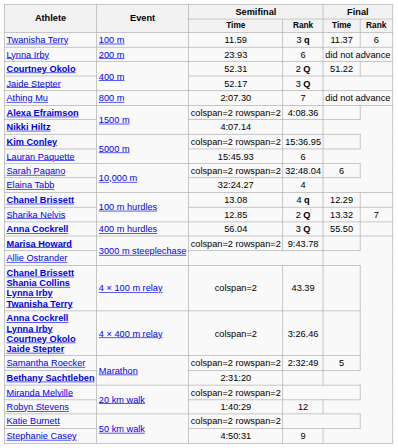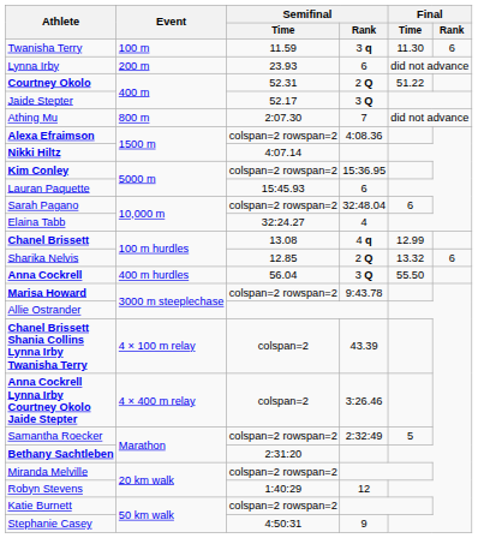 <table class=wikitable style=font-size:90%;text-align:center>
 <tr>
 <th rowspan=2>Athlete</th>
 <th rowspan=2>Event</th>
 <th colspan=2>Semifinal</th>
 <th colspan=2>Final</th>
 </tr>
 <tr style=font-size:90%>
 <th>Time</th>
 <th>Rank</th>
 <th>Time</th>
 <th>Rank</th>
 </tr>
 <tr>
 <td align=left><a href='#'>Twanisha Terry</a></td>
 <td align=left><a href='#'>100 m</a></td>
 <td>11.59</td>
 <td>3 <strong>q</strong></td>
-<td>11.37</td>
+<td>11.30</td>
 <td>6</td>
 </tr>
 <tr>
 <td align=left><a href='#'>Lynna Irby</a></td>
 <td align=left><a href='#'>200 m</a></td>
 <td>23.93</td>
 <td>6</td>
 <td colspan=2>did not advance</td>
 </tr>
 <tr>
 <td align=left><strong><a href='#'>Courtney Okolo</a></strong></td>
 <td align=left rowspan=2><a href='#'>400 m</a></td>
 <td>52.31</td>
 <td>2 <strong>Q</strong></td>
 <td>51.22</td>
 <td></td>
 </tr>
 <tr>
 <td align=left><a href='#'>Jaide Stepter</a></td>
 <td>52.17</td>
 <td>3 <strong>Q</strong></td>
 <td colspan=2></td>
 </tr>
 <tr>
 <td align=left><a href='#'>Athing Mu</a></td>
 <td align=left><a href='#'>800 m</a></td>
 <td>2:07.30</td>
 <td>7</td>
 <td colspan=2>did not advance</td>
 </tr>
 <tr>
 <td align=left><strong><a href='#'>Alexa Efraimson</a></strong></td>
 <td align=left rowspan=2><a href='#'>1500 m</a></td>
 <td>colspan=2 rowspan=2 </td>
 <td>4:08.36</td>
 <td></td>
 </tr>
 <tr>
 <td align=left><strong><a href='#'>Nikki Hiltz</a></strong></td>
 <td>4:07.14</td>
 <td></td>
 </tr>
 <tr>
 <td align=left><strong><a href='#'>Kim Conley</a></strong></td>
 <td align=left rowspan=2><a href='#'>5000 m</a></td>
 <td>colspan=2 rowspan=2 </td>
 <td>15:36.95</td>
 <td></td>
 </tr>
 <tr>
 <td align=left><a href='#'>Lauran Paquette</a></td>
 <td>15:45.93</td>
 <td>6</td>
 </tr>
 <tr>
 <td align=left><a href='#'>Sarah Pagano</a></td>
 <td align=left rowspan=2><a href='#'>10,000 m</a></td>
 <td>colspan=2 rowspan=2 </td>
 <td>32:48.04</td>
 <td>6</td>
 </tr>
 <tr>
 <td align=left><a href='#'>Elaina Tabb</a></td>
 <td>32:24.27</td>
 <td>4</td>
 </tr>
 <tr>
 <td align=left><strong><a href='#'>Chanel Brissett</a></strong></td>
 <td align=left rowspan=2><a href='#'>100 m hurdles</a></td>
 <td>13.08</td>
 <td>4 <strong>q</strong></td>
-<td>12.29</td>
+<td>12.99</td>
 <td></td>
 </tr>
 <tr>
 <td align=left><a href='#'>Sharika Nelvis</a></td>
 <td>12.85</td>
 <td>2 <strong>Q</strong></td>
 <td>13.32</td>
-<td>7</td>
+<td>6</td>
 </tr>
 <tr>
 <td align=left><strong><a href='#'>Anna Cockrell</a></strong></td>
 <td align=left><a href='#'>400 m hurdles</a></td>
 <td>56.04</td>
 <td>3 <strong>Q</strong></td>
 <td>55.50</td>
 <td></td>
 </tr>
 <tr>
 <td align=left><strong><a href='#'>Marisa Howard</a></strong></td>
 <td align=left rowspan=2><a href='#'>3000 m steeplechase</a></td>
 <td>colspan=2 rowspan=2 </td>
 <td>9:43.78</td>
 <td></td>
 </tr>
 <tr>
 <td align=left><a href='#'>Allie Ostrander</a></td>
 <td colspan=2></td>
 </tr>
 <tr>
 <td align=left><strong><a href='#'>Chanel Brissett</a><br><a href='#'>Shania Collins</a><br><a href='#'>Lynna Irby</a><br><a href='#'>Twanisha Terry</a></strong></td>
 <td align=left><a href='#'>4 × 100 m relay</a></td>
 <td>colspan=2 </td>
 <td>43.39</td>
 <td></td>
 </tr>
 <tr>
 <td align=left><strong><a href='#'>Anna Cockrell</a><br><a href='#'>Lynna Irby</a><br><a href='#'>Courtney Okolo</a><br><a href='#'>Jaide Stepter</a></strong></td>
 <td align=left><a href='#'>4 × 400 m relay</a></td>
 <td>colspan=2 </td>
 <td>3:26.46</td>
 <td></td>
 </tr>
 <tr>
 <td align=left><a href='#'>Samantha Roecker</a></td>
 <td align=left rowspan=2><a href='#'>Marathon</a></td>
 <td>colspan=2 rowspan=2 </td>
 <td>2:32:49</td>
 <td>5</td>
 </tr>
 <tr>
 <td align=left><strong><a href='#'>Bethany Sachtleben</a></strong></td>
 <td>2:31:20</td>
 <td></td>
 </tr>
 <tr>
 <td align=left><a href='#'>Miranda Melville</a></td>
 <td align=left rowspan=2><a href='#'>20 km walk</a></td>
 <td>colspan=2 rowspan=2 </td>
 <td colspan=2></td>
 </tr>
 <tr>
 <td align=left><a href='#'>Robyn Stevens</a></td>
 <td>1:40:29</td>
 <td>12</td>
 </tr>
 <tr>
 <td align=left><a href='#'>Katie Burnett</a></td>
 <td align=left rowspan=2><a href='#'>50 km walk</a></td>
 <td>colspan=2 rowspan=2 </td>
 <td colspan=2></td>
 </tr>
 <tr>
 <td align=left><a href='#'>Stephanie Casey</a></td>
 <td>4:50:31</td>
 <td>9</td>
 </tr>
 </table>
